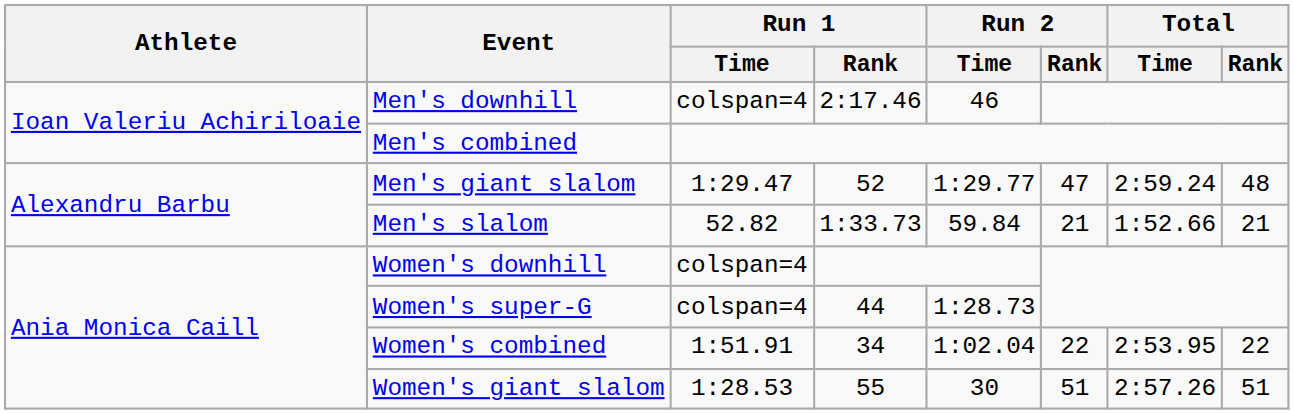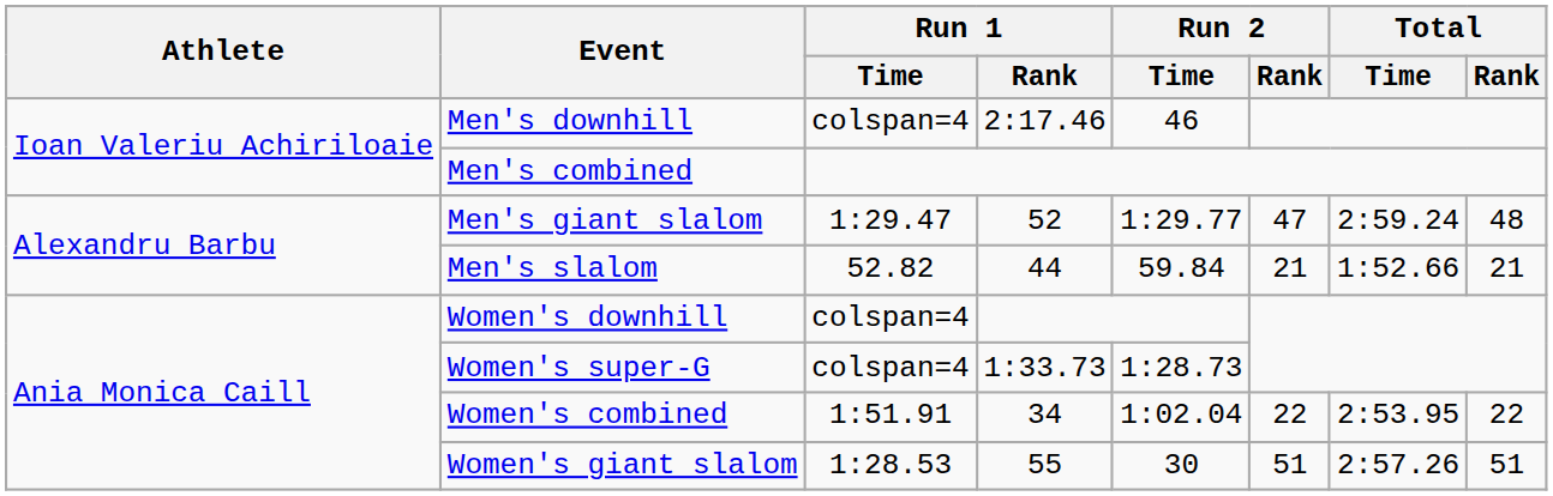 <table class="wikitable" style="font-size:90%">
 <tr>
 <th rowspan=2>Athlete</th>
 <th rowspan=2>Event</th>
 <th colspan=2>Run 1</th>
 <th colspan=2>Run 2</th>
 <th colspan=2>Total</th>
 </tr>
 <tr style="font-size:95%">
 <th>Time</th>
 <th>Rank</th>
 <th>Time</th>
 <th>Rank</th>
 <th>Time</th>
 <th>Rank</th>
 </tr>
 <tr align=center>
 <td align=left rowspan=2><a href='#'>Ioan Valeriu Achiriloaie</a></td>
 <td align=left><a href='#'>Men's downhill</a></td>
 <td>colspan=4 </td>
 <td>2:17.46</td>
 <td>46</td>
 </tr>
 <tr align=center>
 <td align=left><a href='#'>Men's combined</a></td>
 <td colspan=6></td>
 </tr>
 <tr align=center>
 <td align=left rowspan=2><a href='#'>Alexandru Barbu</a></td>
 <td align=left><a href='#'>Men's giant slalom</a></td>
 <td>1:29.47</td>
 <td>52</td>
 <td>1:29.77</td>
 <td>47</td>
 <td>2:59.24</td>
 <td>48</td>
 </tr>
 <tr align=center>
 <td align=left><a href='#'>Men's slalom</a></td>
 <td>52.82</td>
-<td>1:33.73</td>
+<td>44</td>
 <td>59.84</td>
 <td>21</td>
 <td>1:52.66</td>
 <td>21</td>
 </tr>
 <tr align=center>
 <td align=left rowspan=4><a href='#'>Ania Monica Caill</a></td>
 <td align=left><a href='#'>Women's downhill</a></td>
 <td>colspan=4 </td>
 <td colspan=2></td>
 </tr>
 <tr align=center>
 <td align=left><a href='#'>Women's super-G</a></td>
 <td>colspan=4 </td>
-<td>44</td>
+<td>1:33.73</td>
 <td>1:28.73</td>
 </tr>
 <tr align=center>
 <td align=left><a href='#'>Women's combined</a></td>
 <td>1:51.91</td>
 <td>34</td>
 <td>1:02.04</td>
 <td>22</td>
 <td>2:53.95</td>
 <td>22</td>
 </tr>
 <tr align=center>
 <td align=left><a href='#'>Women's giant slalom</a></td>
 <td>1:28.53</td>
 <td>55</td>
 <td>30</td>
 <td>51</td>
 <td>2:57.26</td>
 <td>51</td>
 </tr>
 </table>
